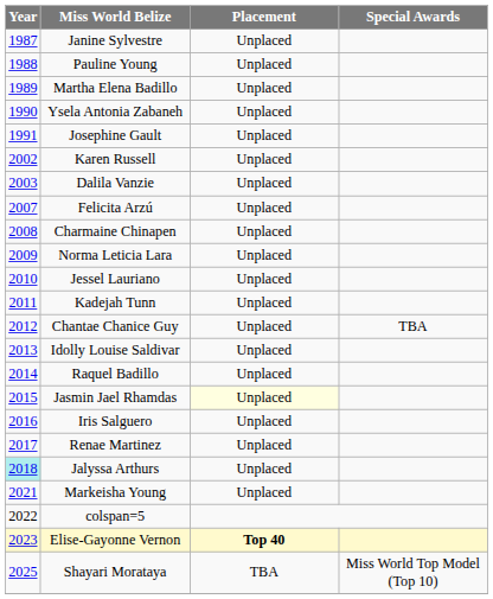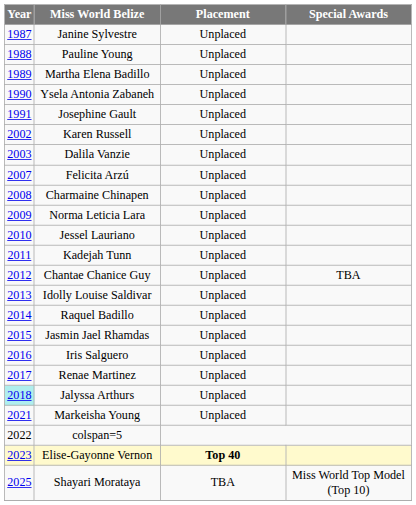 <table class="wikitable sortable" style="font-size: 95%; text-align:center">
 <tr>
 <th width="30" style="background-color:#787878;color:#FFFFFF;">Year</th>
 <th width="150" style="background-color:#787878;color:#FFFFFF;">Miss World Belize</th>
 <th width="150" style="background-color:#787878;color:#FFFFFF;">Placement</th>
 <th width="150" style="background-color:#787878;color:#FFFFFF;">Special Awards</th>
 </tr>
 <tr>
 <td><a href='#'>1987</a></td>
 <td>Janine Sylvestre</td>
 <td>Unplaced</td>
 <td></td>
 </tr>
 <tr>
 <td><a href='#'>1988</a></td>
 <td>Pauline Young</td>
 <td>Unplaced</td>
 <td></td>
 </tr>
 <tr>
 <td><a href='#'>1989</a></td>
 <td>Martha Elena Badillo</td>
 <td>Unplaced</td>
 <td></td>
 </tr>
 <tr>
 <td><a href='#'>1990</a></td>
 <td>Ysela Antonia Zabaneh</td>
 <td>Unplaced</td>
 <td></td>
 </tr>
 <tr>
 <td><a href='#'>1991</a></td>
 <td>Josephine Gault</td>
 <td>Unplaced</td>
 <td></td>
 </tr>
 <tr>
 <td><a href='#'>2002</a></td>
 <td>Karen Russell</td>
 <td>Unplaced</td>
 <td></td>
 </tr>
 <tr>
 <td><a href='#'>2003</a></td>
 <td>Dalila Vanzie</td>
 <td>Unplaced</td>
 <td></td>
 </tr>
 <tr>
 <td><a href='#'>2007</a></td>
 <td>Felicita Arzú</td>
 <td>Unplaced</td>
 <td></td>
 </tr>
 <tr>
 <td><a href='#'>2008</a></td>
 <td>Charmaine Chinapen</td>
 <td>Unplaced</td>
 <td></td>
 </tr>
 <tr>
 <td><a href='#'>2009</a></td>
 <td>Norma Leticia Lara</td>
 <td>Unplaced</td>
 <td></td>
 </tr>
 <tr>
 <td><a href='#'>2010</a></td>
 <td>Jessel Lauriano</td>
 <td>Unplaced</td>
 <td></td>
 </tr>
 <tr>
 <td><a href='#'>2011</a></td>
 <td>Kadejah Tunn</td>
 <td>Unplaced</td>
 <td></td>
 </tr>
 <tr>
 <td><a href='#'>2012</a></td>
 <td>Chantae Chanice Guy</td>
 <td>Unplaced</td>
 <td>TBA</td>
 </tr>
 <tr>
 <td><a href='#'>2013</a></td>
 <td>Idolly Louise Saldivar</td>
 <td>Unplaced</td>
 <td></td>
 </tr>
 <tr>
 <td><a href='#'>2014</a></td>
 <td>Raquel Badillo</td>
 <td>Unplaced</td>
 <td></td>
 </tr>
 <tr>
 <td><a href='#'>2015</a></td>
 <td>Jasmin Jael Rhamdas</td>
-<td style="background: lightyellow;">Unplaced</td>
+<td>Unplaced</td>
 <td></td>
 </tr>
 <tr>
 <td><a href='#'>2016</a></td>
 <td>Iris Salguero</td>
 <td>Unplaced</td>
 <td></td>
 </tr>
 <tr>
 <td><a href='#'>2017</a></td>
 <td>Renae Martinez</td>
 <td>Unplaced</td>
 <td></td>
 </tr>
 <tr>
 <td style="background: paleturquoise;"><a href='#'>2018</a></td>
 <td>Jalyssa Arthurs</td>
 <td>Unplaced</td>
 <td></td>
 </tr>
 <tr>
 <td><a href='#'>2021</a></td>
 <td>Markeisha Young</td>
 <td>Unplaced</td>
 <td></td>
 </tr>
 <tr>
 <td>2022</td>
 <td>colspan=5 </td>
 </tr>
 <tr style="background-color:#FFFACD;">
 <td><a href='#'>2023</a></td>
 <td>Elise-Gayonne Vernon</td>
 <td><strong>Top 40</strong></td>
 <td></td>
 </tr>
 <tr>
 <td><a href='#'>2025</a></td>
 <td>Shayari Morataya</td>
 <td>TBA</td>
 <td>Miss World Top Model (Top 10)</td>
 </tr>
 <tr>
 </tr>
 </table>
